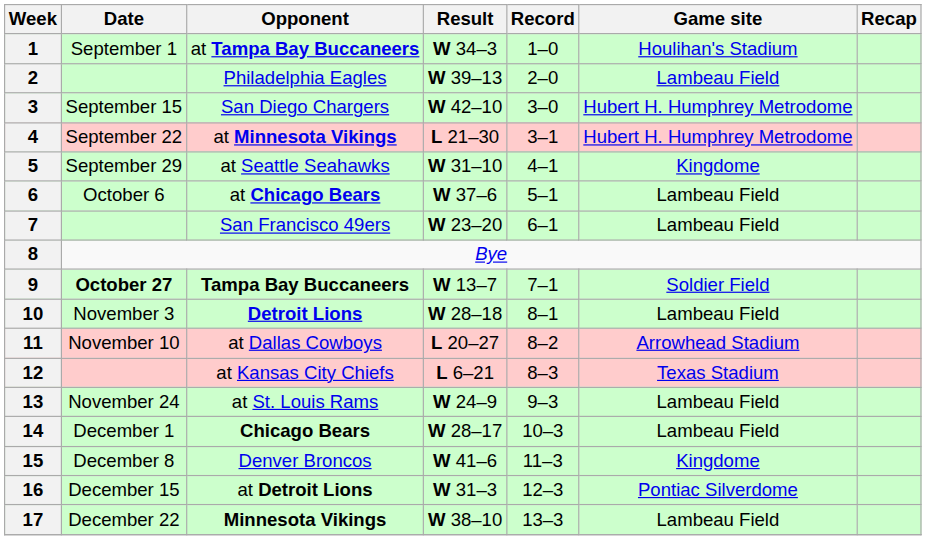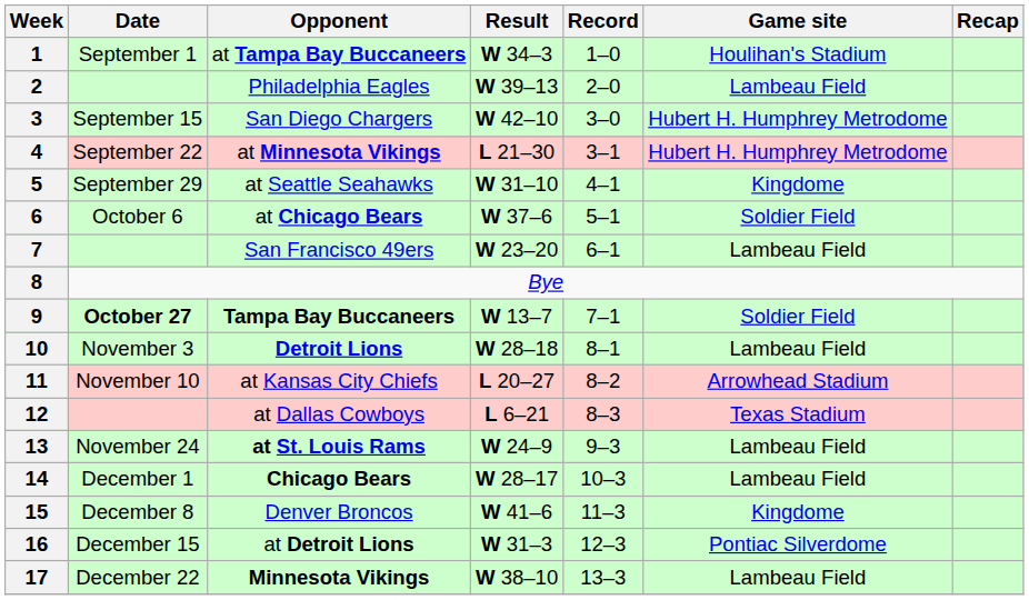 <table class="wikitable" style="text-align:center">
 <tr>
 <th>Week</th>
 <th>Date</th>
 <th>Opponent</th>
 <th>Result</th>
 <th>Record</th>
 <th>Game site</th>
 <th>Recap</th>
 </tr>
 <tr style="background: #cfc;">
 <th>1</th>
 <td>September 1</td>
 <td>at <strong><a href='#'>Tampa Bay Buccaneers</a></strong></td>
 <td><strong>W</strong> 34–3</td>
 <td>1–0</td>
 <td><a href='#'>Houlihan's Stadium</a></td>
 <td></td>
 </tr>
 <tr style="background: #cfc;">
 <th>2</th>
 <td></td>
 <td><a href='#'>Philadelphia Eagles</a></td>
 <td><strong>W</strong> 39–13</td>
 <td>2–0</td>
 <td><a href='#'>Lambeau Field</a></td>
 <td></td>
 </tr>
 <tr style="background: #cfc;">
 <th>3</th>
 <td>September 15</td>
 <td><a href='#'>San Diego Chargers</a></td>
 <td><strong>W</strong> 42–10</td>
 <td>3–0</td>
 <td><a href='#'>Hubert H. Humphrey Metrodome</a></td>
 <td></td>
 </tr>
 <tr style="background: #fcc;">
 <th>4</th>
 <td>September 22</td>
 <td>at <strong><a href='#'>Minnesota Vikings</a></strong></td>
 <td><strong>L</strong> 21–30</td>
 <td>3–1</td>
 <td><a href='#'>Hubert H. Humphrey Metrodome</a></td>
 <td></td>
 </tr>
 <tr style="background: #cfc;">
 <th>5</th>
 <td>September 29</td>
 <td>at <a href='#'>Seattle Seahawks</a></td>
 <td><strong>W</strong> 31–10</td>
 <td>4–1</td>
 <td><a href='#'>Kingdome</a></td>
 <td></td>
 </tr>
 <tr style="background: #cfc;">
 <th>6</th>
 <td>October 6</td>
 <td>at <strong><a href='#'>Chicago Bears</a></strong></td>
 <td><strong>W</strong> 37–6</td>
 <td>5–1</td>
-<td>Lambeau Field</td>
+<td><a href='#'>Soldier Field</a></td>
 <td></td>
 </tr>
 <tr style="background: #cfc;">
 <th>7</th>
 <td></td>
 <td><a href='#'>San Francisco 49ers</a></td>
 <td><strong>W</strong> 23–20 </td>
 <td>6–1</td>
 <td>Lambeau Field</td>
 <td></td>
 </tr>
 <tr>
 <th>8</th>
 <td colspan=8 align=center><em><a href='#'>Bye</a></em></td>
 </tr>
 <tr style="background: #cfc;">
 <th>9</th>
 <td><strong>October 27</strong></td>
 <td><strong>Tampa Bay Buccaneers</strong></td>
 <td><strong>W</strong> 13–7</td>
 <td>7–1</td>
 <td><a href='#'>Soldier Field</a></td>
 <td></td>
 </tr>
 <tr style="background: #cfc;">
 <th>10</th>
 <td>November 3</td>
 <td><strong><a href='#'>Detroit Lions</a></strong></td>
 <td><strong>W</strong> 28–18</td>
 <td>8–1</td>
 <td>Lambeau Field</td>
 <td></td>
 </tr>
 <tr style="background: #fcc">
 <th>11</th>
 <td>November 10</td>
-<td>at <a href='#'>Dallas Cowboys</a></td>
+<td>at <a href='#'>Kansas City Chiefs</a></td>
 <td><strong>L</strong> 20–27</td>
 <td>8–2</td>
 <td><a href='#'>Arrowhead Stadium</a></td>
 <td></td>
 </tr>
 <tr style="background: #fcc;">
 <th>12</th>
 <td></td>
-<td>at <a href='#'>Kansas City Chiefs</a></td>
+<td>at <a href='#'>Dallas Cowboys</a></td>
 <td><strong>L</strong> 6–21</td>
 <td>8–3</td>
 <td><a href='#'>Texas Stadium</a></td>
 <td></td>
 </tr>
 <tr style="background: #cfc;">
 <th>13</th>
 <td>November 24</td>
-<td>at <a href='#'>St. Louis Rams</a></td>
+<td><strong>at <a href='#'>St. Louis Rams</a></strong></td>
 <td><strong>W</strong> 24–9</td>
 <td>9–3</td>
 <td>Lambeau Field</td>
 <td></td>
 </tr>
 <tr style="background: #cfc;">
 <th>14</th>
 <td>December 1</td>
 <td><strong>Chicago Bears</strong></td>
 <td><strong>W</strong> 28–17</td>
 <td>10–3</td>
 <td>Lambeau Field</td>
 <td></td>
 </tr>
 <tr style="background: #cfc;">
 <th>15</th>
 <td>December 8</td>
 <td><a href='#'>Denver Broncos</a></td>
 <td><strong>W</strong> 41–6</td>
 <td>11–3</td>
 <td><a href='#'>Kingdome</a></td>
 <td></td>
 </tr>
 <tr style="background: #cfc;">
 <th>16</th>
 <td>December 15</td>
 <td>at <strong>Detroit Lions</strong></td>
 <td><strong>W</strong> 31–3</td>
 <td>12–3</td>
 <td><a href='#'>Pontiac Silverdome</a></td>
 <td></td>
 </tr>
 <tr style="background: #cfc;">
 <th>17</th>
 <td>December 22</td>
 <td><strong>Minnesota Vikings</strong></td>
 <td><strong>W</strong> 38–10</td>
 <td>13–3</td>
 <td>Lambeau Field</td>
 <td></td>
 </tr>
 <tr>
 </tr>
 </table>
